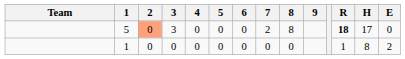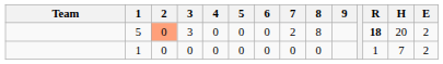 <table border=1 cellspacing=0 width=600 style="margin-left:3em;" class="wikitable">
 <tr style="text-align:center; background-color:#e6e6e6;">
 <th align=left width=28%>Team</th>
 <th width=6%>1</th>
 <th width=6%>2</th>
 <th width=6%>3</th>
 <th width=6%>4</th>
 <th width=6%>5</th>
 <th width=6%>6</th>
 <th width=6%>7</th>
 <th width=6%>8</th>
 <th width=6%>9</th>
 <th rowspan="3" width=0.5%></th>
 <th width=6%>R</th>
 <th width=6%>H</th>
 <th width=6%>E</th>
 </tr>
 <tr style="text-align:center;">
 <td align=left></td>
 <td>5</td>
 <td style="background: lightsalmon;">0</td>
 <td>3</td>
 <td>0</td>
 <td>0</td>
 <td>0</td>
 <td>2</td>
 <td>8</td>
 <td></td>
 <td><strong>18</strong></td>
-<td>17</td>
-<td>0</td>
+<td>20</td>
+<td>2</td>
 </tr>
 <tr style="text-align:center;">
 <td align=left></td>
 <td>1</td>
 <td>0</td>
 <td>0</td>
 <td>0</td>
 <td>0</td>
 <td>0</td>
 <td>0</td>
 <td>0</td>
 <td></td>
 <td>1</td>
-<td>8</td>
+<td>7</td>
 <td>2</td>
 </tr>
 </table>
